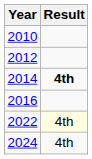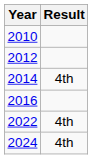 <table class="wikitable" style="text-align:center">
 <tr>
 <th>Year</th>
 <th>Result</th>
 </tr>
 <tr>
 <td><a href='#'>2010</a></td>
 <td></td>
 </tr>
 <tr>
 <td><a href='#'>2012</a></td>
 <td></td>
 </tr>
 <tr>
 <td><a href='#'>2014</a></td>
-<td><strong>4th</strong></td>
+<td>4th</td>
 </tr>
 <tr>
 <td><a href='#'>2016</a></td>
 <td></td>
 </tr>
 <tr>
 <td><a href='#'>2022</a></td>
-<td style="background: lightyellow;">4th</td>
+<td>4th</td>
 </tr>
 <tr>
 <td><a href='#'>2024</a></td>
 <td>4th</td>
 </tr>
 </table>
